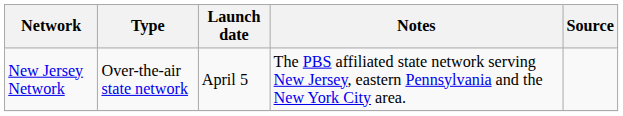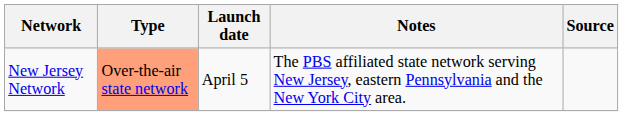 <table class="wikitable sortable">
 <tr>
 <th>Network</th>
 <th>Type</th>
 <th>Launch date</th>
 <th>Notes</th>
 <th>Source</th>
 </tr>
 <tr>
 <td><a href='#'>New Jersey Network</a></td>
-<td>Over-the-air <a href='#'>state network</a></td>
+<td style="background: lightsalmon;">Over-the-air <a href='#'>state network</a></td>
 <td>April 5</td>
 <td>The <a href='#'>PBS</a> affiliated state network serving <a href='#'>New Jersey</a>, eastern <a href='#'>Pennsylvania</a> and the <a href='#'>New York City</a> area.</td>
 <td></td>
 </tr>
 <tr>
 </tr>
 </table>
